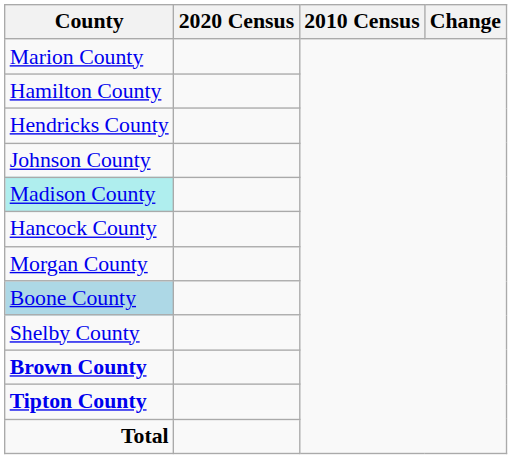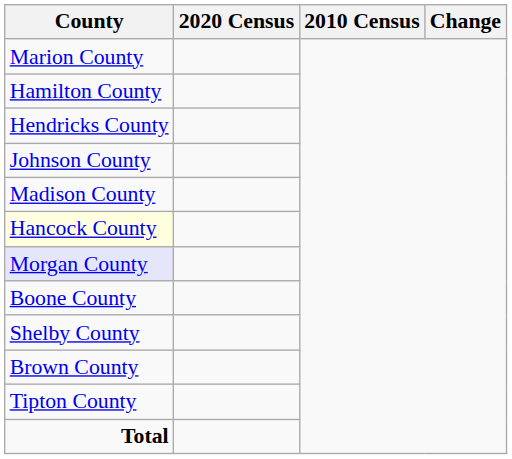 <table class="wikitable sortable">
 <tr>
 <th>County</th>
 <th>2020 Census</th>
 <th>2010 Census</th>
 <th>Change</th>
 </tr>
 <tr>
 <td><a href='#'>Marion County</a></td>
 <td></td>
 </tr>
 <tr>
 <td><a href='#'>Hamilton County</a></td>
 <td></td>
 </tr>
 <tr>
 <td><a href='#'>Hendricks County</a></td>
 <td></td>
 </tr>
 <tr>
 <td><a href='#'>Johnson County</a></td>
 <td></td>
 </tr>
 <tr>
-<td style="background: paleturquoise;"><a href='#'>Madison County</a></td>
+<td><a href='#'>Madison County</a></td>
 <td></td>
 </tr>
 <tr>
-<td><a href='#'>Hancock County</a></td>
+<td style="background: lightyellow;"><a href='#'>Hancock County</a></td>
 <td></td>
 </tr>
 <tr>
-<td><a href='#'>Morgan County</a></td>
+<td style="background: lavender;"><a href='#'>Morgan County</a></td>
 <td></td>
 </tr>
 <tr>
-<td style="background: lightblue;"><a href='#'>Boone County</a></td>
+<td><a href='#'>Boone County</a></td>
 <td></td>
 </tr>
 <tr>
 <td><a href='#'>Shelby County</a></td>
 <td></td>
 </tr>
 <tr>
-<td><strong><a href='#'>Brown County</a></strong></td>
+<td><a href='#'>Brown County</a></td>
 <td></td>
 </tr>
 <tr>
-<td><strong><a href='#'>Tipton County</a></strong></td>
+<td><a href='#'>Tipton County</a></td>
 <td></td>
 </tr>
 <tr class=sortbottom>
 <td align=right><strong>Total</strong></td>
 <td></td>
 </tr>
 </table>
